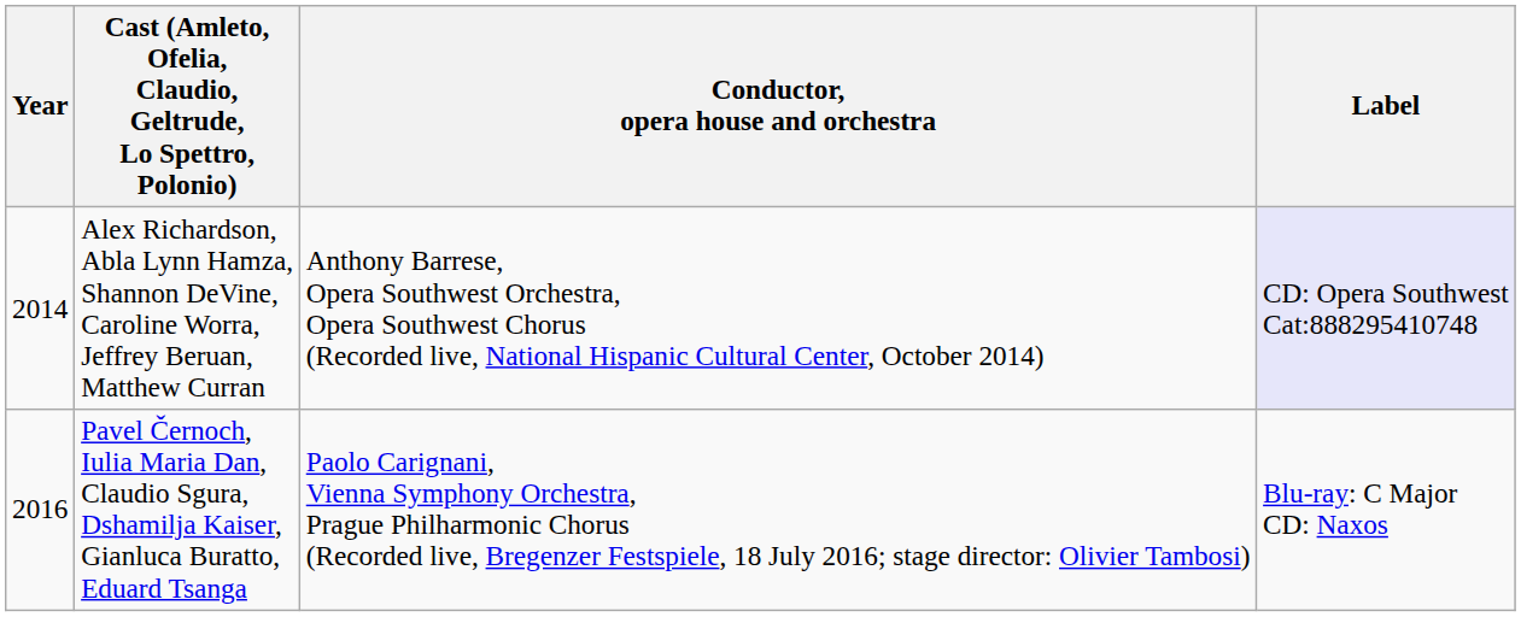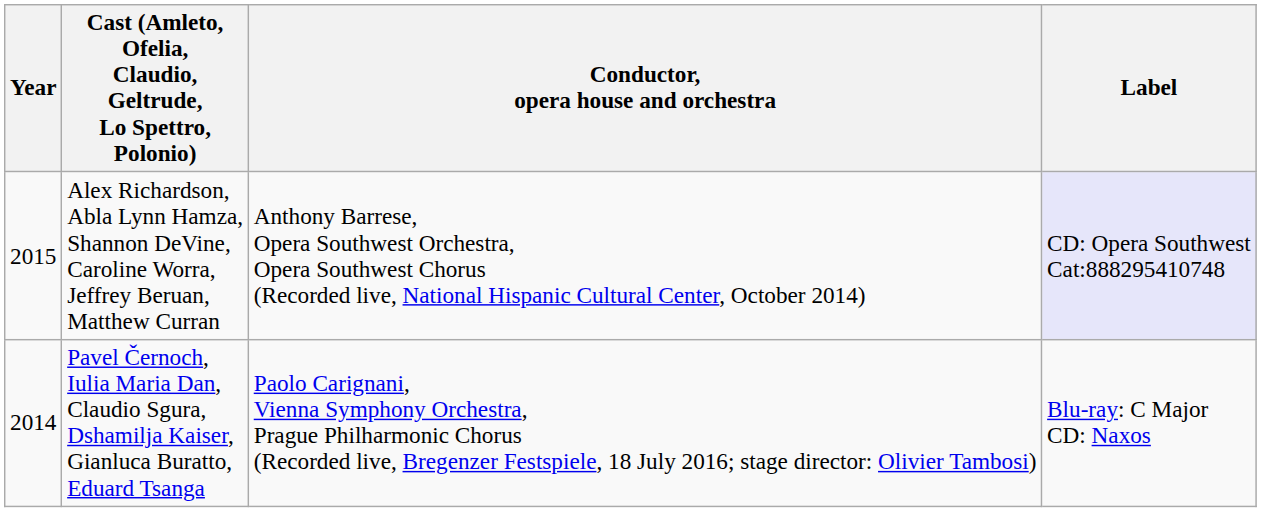 <table class="wikitable">
 <tr>
 <th>Year</th>
 <th>Cast (Amleto,<br>Ofelia,<br>Claudio,<br>Geltrude,<br>Lo Spettro,<br>Polonio)</th>
 <th>Conductor,<br>opera house and orchestra</th>
 <th>Label<br></th>
 </tr>
 <tr>
-<td>2014</td>
+<td>2015</td>
 <td>Alex Richardson,<br>Abla Lynn Hamza,<br>Shannon DeVine,<br>Caroline Worra,<br>Jeffrey Beruan,<br>Matthew Curran</td>
 <td>Anthony Barrese,<br>Opera Southwest Orchestra,<br>Opera Southwest Chorus<br>(Recorded live, <a href='#'>National Hispanic Cultural Center</a>, October 2014)</td>
 <td style="background: lavender;">CD: Opera Southwest<br>Cat:888295410748</td>
 </tr>
 <tr>
-<td>2016</td>
+<td>2014</td>
 <td><a href='#'>Pavel Černoch</a>,<br><a href='#'>Iulia Maria Dan</a>,<br>Claudio Sgura,<br><a href='#'>Dshamilja Kaiser</a>,<br>Gianluca Buratto,<br><a href='#'>Eduard Tsanga</a></td>
 <td><a href='#'>Paolo Carignani</a>,<br><a href='#'>Vienna Symphony Orchestra</a>,<br>Prague Philharmonic Chorus<br>(Recorded live, <a href='#'>Bregenzer Festspiele</a>, 18 July 2016; stage director: <a href='#'>Olivier Tambosi</a>)</td>
 <td><a href='#'>Blu-ray</a>: C Major<br>CD: <a href='#'>Naxos</a></td>
 </tr>
 </table>
